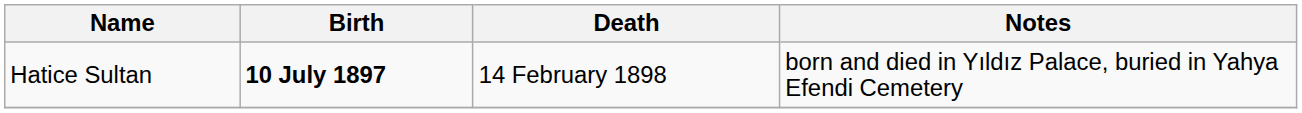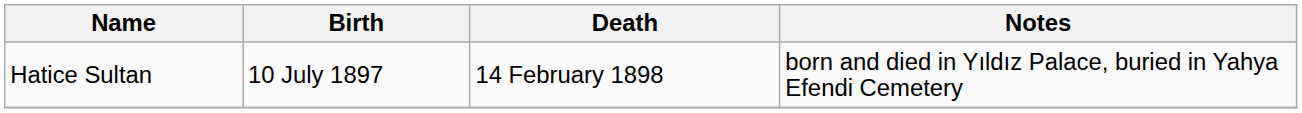 <table class="wikitable">
 <tr>
 <th>Name</th>
 <th>Birth</th>
 <th>Death</th>
 <th style="width:40%;">Notes</th>
 </tr>
 <tr>
 <td>Hatice Sultan</td>
-<td><strong>10 July 1897</strong></td>
+<td>10 July 1897</td>
 <td>14 February 1898</td>
 <td>born and died in Yıldız Palace, buried in Yahya Efendi Cemetery</td>
 </tr>
 <tr>
 </tr>
 </table>
